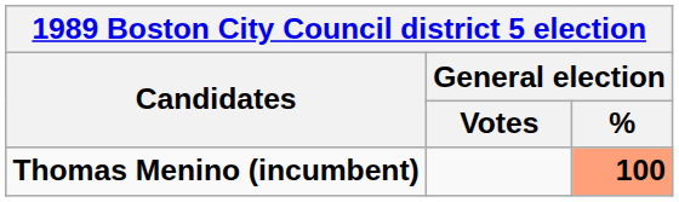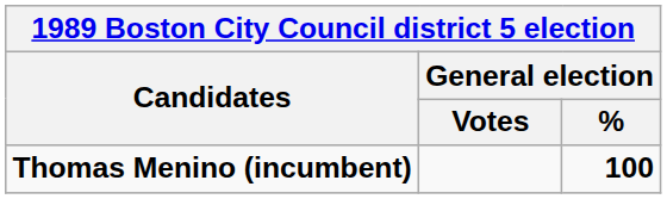 <table class=wikitable>
 <tr>
 <th colspan=5><a href='#'>1989 Boston City Council district 5 election</a></th>
 </tr>
 <tr>
 <th colspan=1 rowspan=2><strong>Candidates</strong></th>
 <th colspan=2><strong>General election</strong></th>
 </tr>
 <tr>
 <th>Votes</th>
 <th>%</th>
 </tr>
 <tr>
 <td><strong>Thomas Menino (incumbent)</strong></td>
 <td align="right"></td>
-<td align="right" style="background: lightsalmon;"><strong>100</strong></td>
+<td align="right"><strong>100</strong></td>
 </tr>
 </table>
